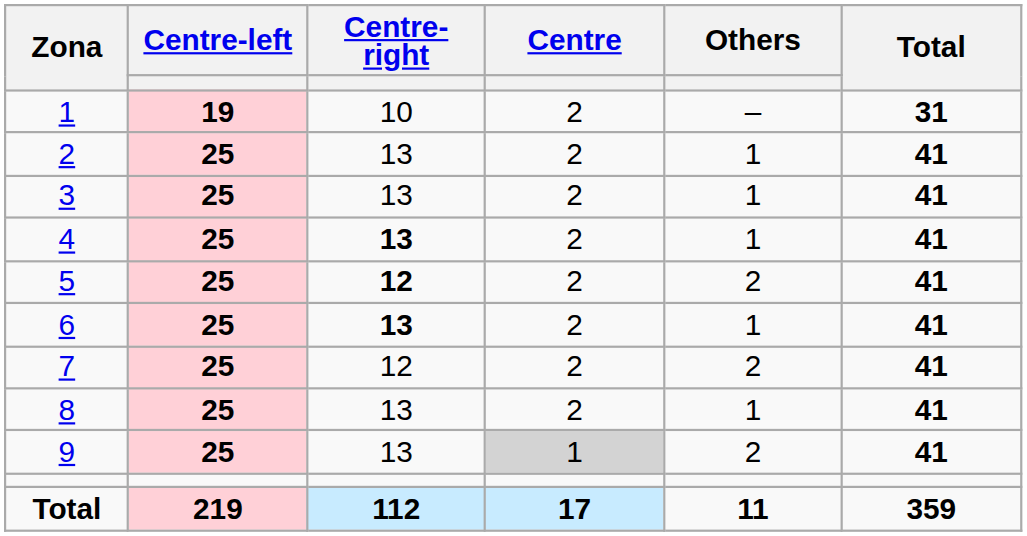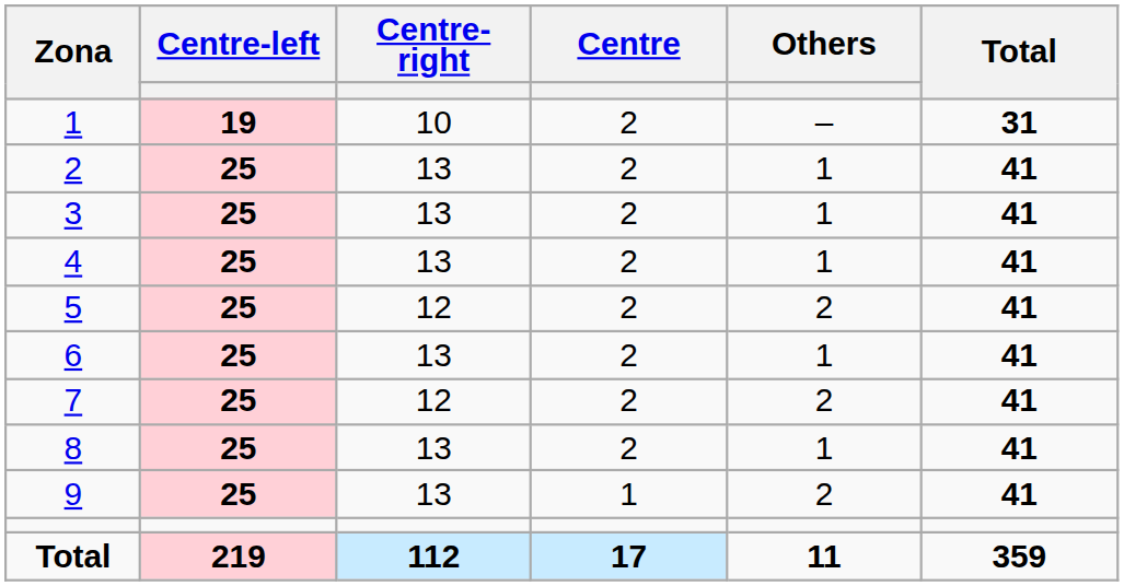 <table class="wikitable" style="text-align:center; font-size:85%; line-height:13px">
 <tr style="height:30px; background-color:#E9E9E9">
 <th style="width:50px;" rowspan="2">Zona</th>
 <th style="width:75px;"><a href='#'>Centre-left</a></th>
 <th style="width:75px;"><a href='#'>Centre-right</a></th>
 <th style="width:75px;"><a href='#'>Centre</a></th>
 <th style="width:75px;">Others</th>
 <th style="width:75px;" rowspan="2">Total</th>
 </tr>
 <tr>
 <th style="background:"></th>
 <th style="background:"></th>
 <th style="background:"></th>
 <th style="background:"></th>
 </tr>
 <tr>
 <td><a href='#'>1</a></td>
 <td style="background:#FFD0D7"><strong>19</strong></td>
 <td>10</td>
 <td>2</td>
 <td>–</td>
 <td><strong>31</strong></td>
 </tr>
 <tr>
 <td><a href='#'>2</a></td>
 <td style="background:#FFD0D7"><strong>25</strong></td>
 <td>13</td>
 <td>2</td>
 <td>1</td>
 <td><strong>41</strong></td>
 </tr>
 <tr>
 <td><a href='#'>3</a></td>
 <td style="background:#FFD0D7"><strong>25</strong></td>
 <td>13</td>
 <td>2</td>
 <td>1</td>
 <td><strong>41</strong></td>
 </tr>
 <tr>
 <td><a href='#'>4</a></td>
 <td style="background:#FFD0D7"><strong>25</strong></td>
-<td><strong>13</strong></td>
+<td>13</td>
 <td>2</td>
 <td>1</td>
 <td><strong>41</strong></td>
 </tr>
 <tr>
 <td><a href='#'>5</a></td>
 <td style="background:#FFD0D7"><strong>25</strong></td>
-<td><strong>12</strong></td>
+<td>12</td>
 <td>2</td>
 <td>2</td>
 <td><strong>41</strong></td>
 </tr>
 <tr>
 <td><a href='#'>6</a></td>
 <td style="background:#FFD0D7"><strong>25</strong></td>
-<td><strong>13</strong></td>
+<td>13</td>
 <td>2</td>
 <td>1</td>
 <td><strong>41</strong></td>
 </tr>
 <tr>
 <td><a href='#'>7</a></td>
 <td style="background:#FFD0D7"><strong>25</strong></td>
 <td>12</td>
 <td>2</td>
 <td>2</td>
 <td><strong>41</strong></td>
 </tr>
 <tr>
 <td><a href='#'>8</a></td>
 <td style="background:#FFD0D7"><strong>25</strong></td>
 <td>13</td>
 <td>2</td>
 <td>1</td>
 <td><strong>41</strong></td>
 </tr>
 <tr>
 <td><a href='#'>9</a></td>
 <td style="background:#FFD0D7"><strong>25</strong></td>
 <td>13</td>
-<td style="background: lightgrey;">1</td>
+<td>1</td>
 <td>2</td>
 <td><strong>41</strong></td>
 </tr>
 <tr>
 <td></td>
 <td></td>
 <td></td>
 <td></td>
 <td></td>
 <td></td>
 </tr>
 <tr>
 <td><strong>Total</strong></td>
 <td style="background:#FFD0D7"><strong>219</strong></td>
 <td style="background:#C8EBFF"><strong>112</strong></td>
 <td style="background:#C8EBFF"><strong>17</strong></td>
 <td><strong>11</strong></td>
 <td><strong>359</strong></td>
 </tr>
 </table>
